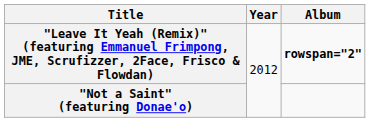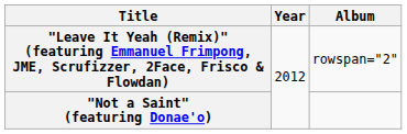 <table class="wikitable plainrowheaders" style="text-align:center;">
 <tr>
 <th scope="col" style="width:20em;">Title</th>
 <th scope="col" style="width:1em;">Year</th>
 <th scope="col">Album</th>
 </tr>
 <tr>
 <th scope="row">"Leave It Yeah (Remix)"<br><span>(featuring <a href='#'>Emmanuel Frimpong</a>, JME, Scrufizzer, 2Face, Frisco & Flowdan)</span></th>
 <td rowspan="2">2012</td>
-<td><strong>rowspan="2" </strong></td>
+<td>rowspan="2" </td>
 </tr>
 <tr>
 <th scope="row">"Not a Saint"<br><span>(featuring <a href='#'>Donae'o</a>)</span></th>
 </tr>
 </table>
